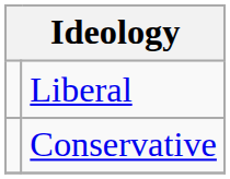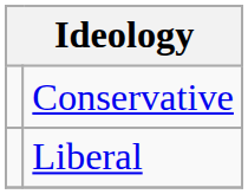 <table class=wikitable>
 <tr>
 <th colspan=2>Ideology</th>
+</tr>
+<tr>
+<td style="background-color:"></td>
+<td><a href='#'>Conservative</a></td>
 </tr>
 <tr>
 <td style="background: "></td>
 <td><a href='#'>Liberal</a></td>
 </tr>
 <tr>
-<td style="background-color:"></td>
-<td><a href='#'>Conservative</a></td>
-</tr>
-<tr>
 </tr>
 </table>
